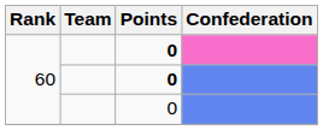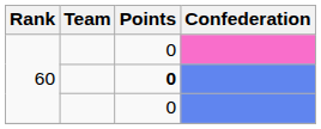 <table class="wikitable">
 <tr>
 <th>Rank</th>
 <th>Team</th>
 <th>Points</th>
 <th>Confederation</th>
 </tr>
 <tr>
 <td rowspan=3 align=right>60 </td>
 <td align="left"></td>
-<td align="right"><strong>0</strong></td>
+<td align="right">0</td>
 <td align="center" bgcolor=#F96ECB><a href='#'></a></td>
 </tr>
 <tr>
 <td align="left"></td>
 <td align="right"><strong>0</strong></td>
 <td align="center" bgcolor=#6085EF><a href='#'></a></td>
 </tr>
 <tr>
 <td align="left"></td>
 <td align="right">0</td>
 <td align="center" bgcolor=#6085EF><a href='#'></a></td>
 </tr>
 <tr>
 </tr>
 </table>
